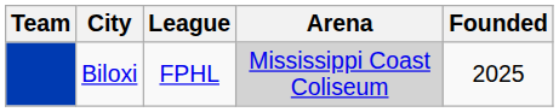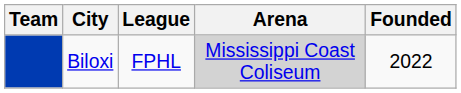 <table class="wikitable sortable" width="60%">
 <tr>
 <th>Team</th>
 <th>City</th>
 <th>League</th>
 <th>Arena</th>
 <th>Founded</th>
 </tr>
 <tr align=center>
 <td style="color:white; background:#003AB1; "><strong><a href='#'></a></strong></td>
 <td><a href='#'>Biloxi</a></td>
 <td><a href='#'>FPHL</a></td>
 <td style="background: lightgrey;"><a href='#'>Mississippi Coast Coliseum</a></td>
-<td>2025</td>
+<td>2022</td>
 </tr>
 </table>
